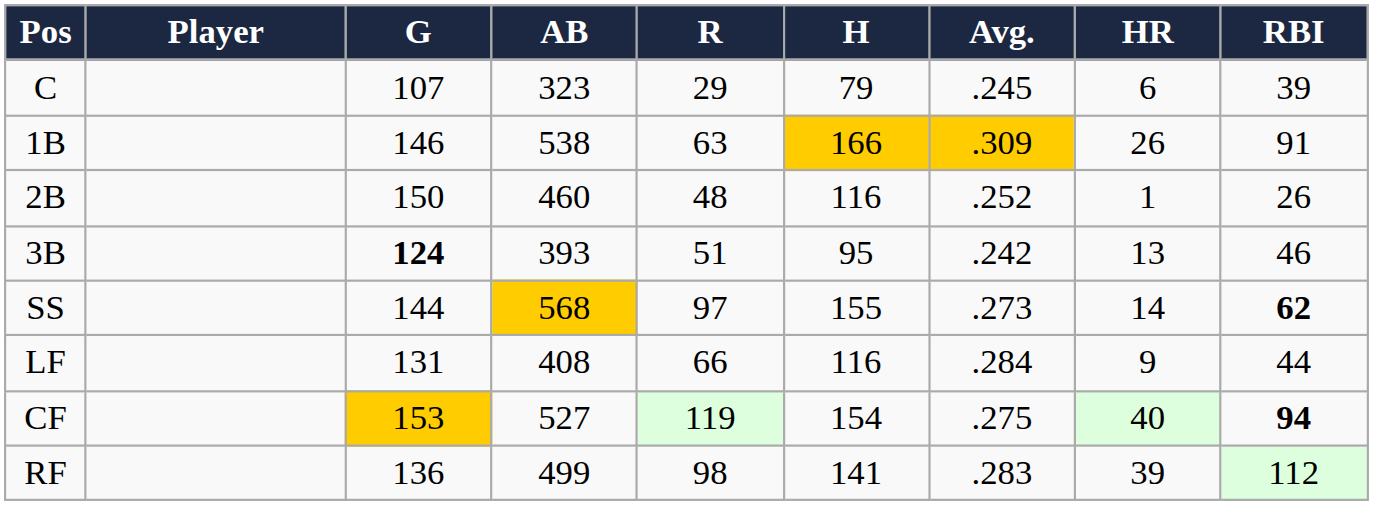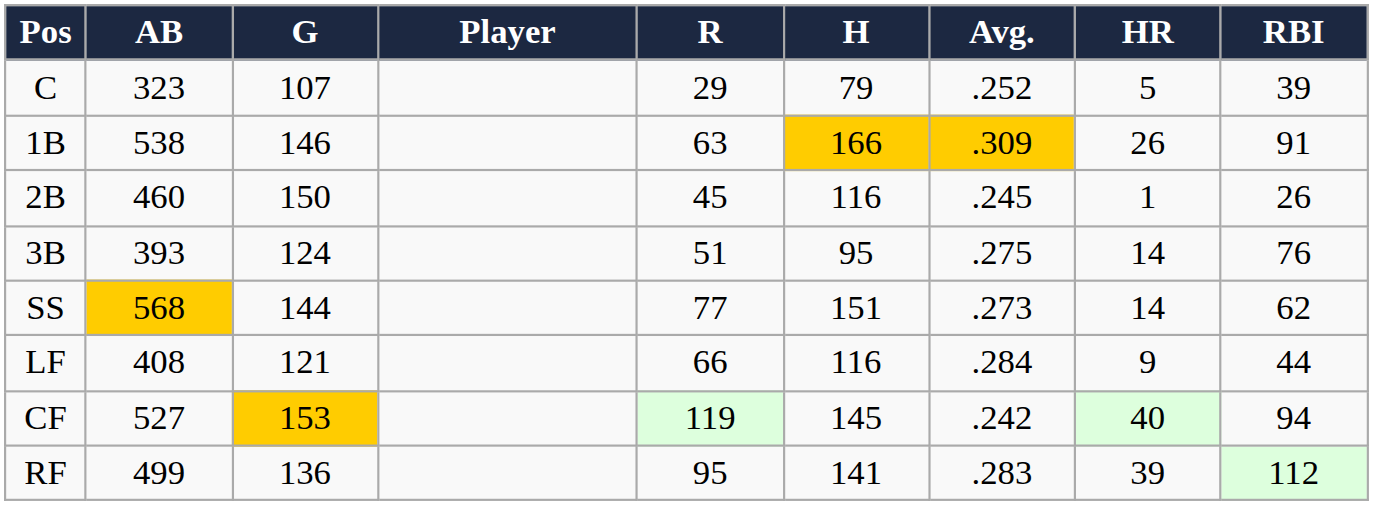 <table class="wikitable sortable">
 <tr>
 <th style="background:#1c2841; color:white; width:5%;">Pos</th>
+<th style="background:#1c2841; color:white; width:9%;">AB</th>
+<th style="background:#1c2841; color:white; width:9%;">G</th>
 <th style="background:#1c2841; color:white; width:16%;">Player</th>
-<th style="background:#1c2841; color:white; width:9%;">G</th>
-<th style="background:#1c2841; color:white; width:9%;">AB</th>
 <th style="background:#1c2841; color:white; width:9%;">R</th>
 <th style="background:#1c2841; color:white; width:9%;">H</th>
 <th style="background:#1c2841; color:white; width:9%;">Avg.</th>
 <th style="background:#1c2841; color:white; width:9%;">HR</th>
 <th style="background:#1c2841; color:white; width:9%;">RBI</th>
 </tr>
 <tr style="text-align:center;">
 <td>C</td>
+<td>323</td>
+<td>107</td>
 <td></td>
-<td>107</td>
-<td>323</td>
 <td>29</td>
 <td>79</td>
-<td>.245</td>
-<td>6</td>
+<td>.252</td>
+<td>5</td>
 <td>39</td>
 </tr>
 <tr align="center">
 <td>1B</td>
+<td>538</td>
+<td>146</td>
 <td></td>
-<td>146</td>
-<td>538</td>
 <td>63</td>
 <td style="background:#fc0;">166</td>
 <td style="background:#fc0;">.309</td>
 <td>26</td>
 <td>91</td>
 </tr>
 <tr align="center">
 <td>2B</td>
+<td>460</td>
+<td>150</td>
 <td></td>
-<td>150</td>
-<td>460</td>
-<td>48</td>
+<td>45</td>
 <td>116</td>
-<td>.252</td>
+<td>.245</td>
 <td>1</td>
 <td>26</td>
 </tr>
 <tr align="center">
 <td>3B</td>
+<td>393</td>
+<td>124</td>
 <td></td>
-<td><strong>124</strong></td>
-<td>393</td>
 <td>51</td>
 <td>95</td>
-<td>.242</td>
-<td>13</td>
-<td>46</td>
+<td>.275</td>
+<td>14</td>
+<td>76</td>
 </tr>
 <tr align="center">
 <td>SS</td>
+<td style="background:#fc0;">568</td>
+<td>144</td>
 <td></td>
-<td>144</td>
-<td style="background:#fc0;">568</td>
-<td>97</td>
-<td>155</td>
+<td>77</td>
+<td>151</td>
 <td>.273</td>
 <td>14</td>
-<td><strong>62</strong></td>
+<td>62</td>
 </tr>
 <tr align="center">
 <td>LF</td>
+<td>408</td>
+<td>121</td>
 <td></td>
-<td>131</td>
-<td>408</td>
 <td>66</td>
 <td>116</td>
 <td>.284</td>
 <td>9</td>
 <td>44</td>
 </tr>
 <tr align="center">
 <td>CF</td>
+<td>527</td>
+<td style="background:#fc0;">153</td>
 <td></td>
-<td style="background:#fc0;">153</td>
-<td>527</td>
 <td style="background:#DDFFDD;">119</td>
-<td>154</td>
-<td>.275</td>
+<td>145</td>
+<td>.242</td>
 <td style="background:#DDFFDD;">40</td>
-<td><strong>94</strong></td>
+<td>94</td>
 </tr>
 <tr align="center">
 <td>RF</td>
+<td>499</td>
+<td>136</td>
 <td></td>
-<td>136</td>
-<td>499</td>
-<td>98</td>
+<td>95</td>
 <td>141</td>
 <td>.283</td>
 <td>39</td>
 <td style="background:#DDFFDD;">112</td>
 </tr>
 </table>
